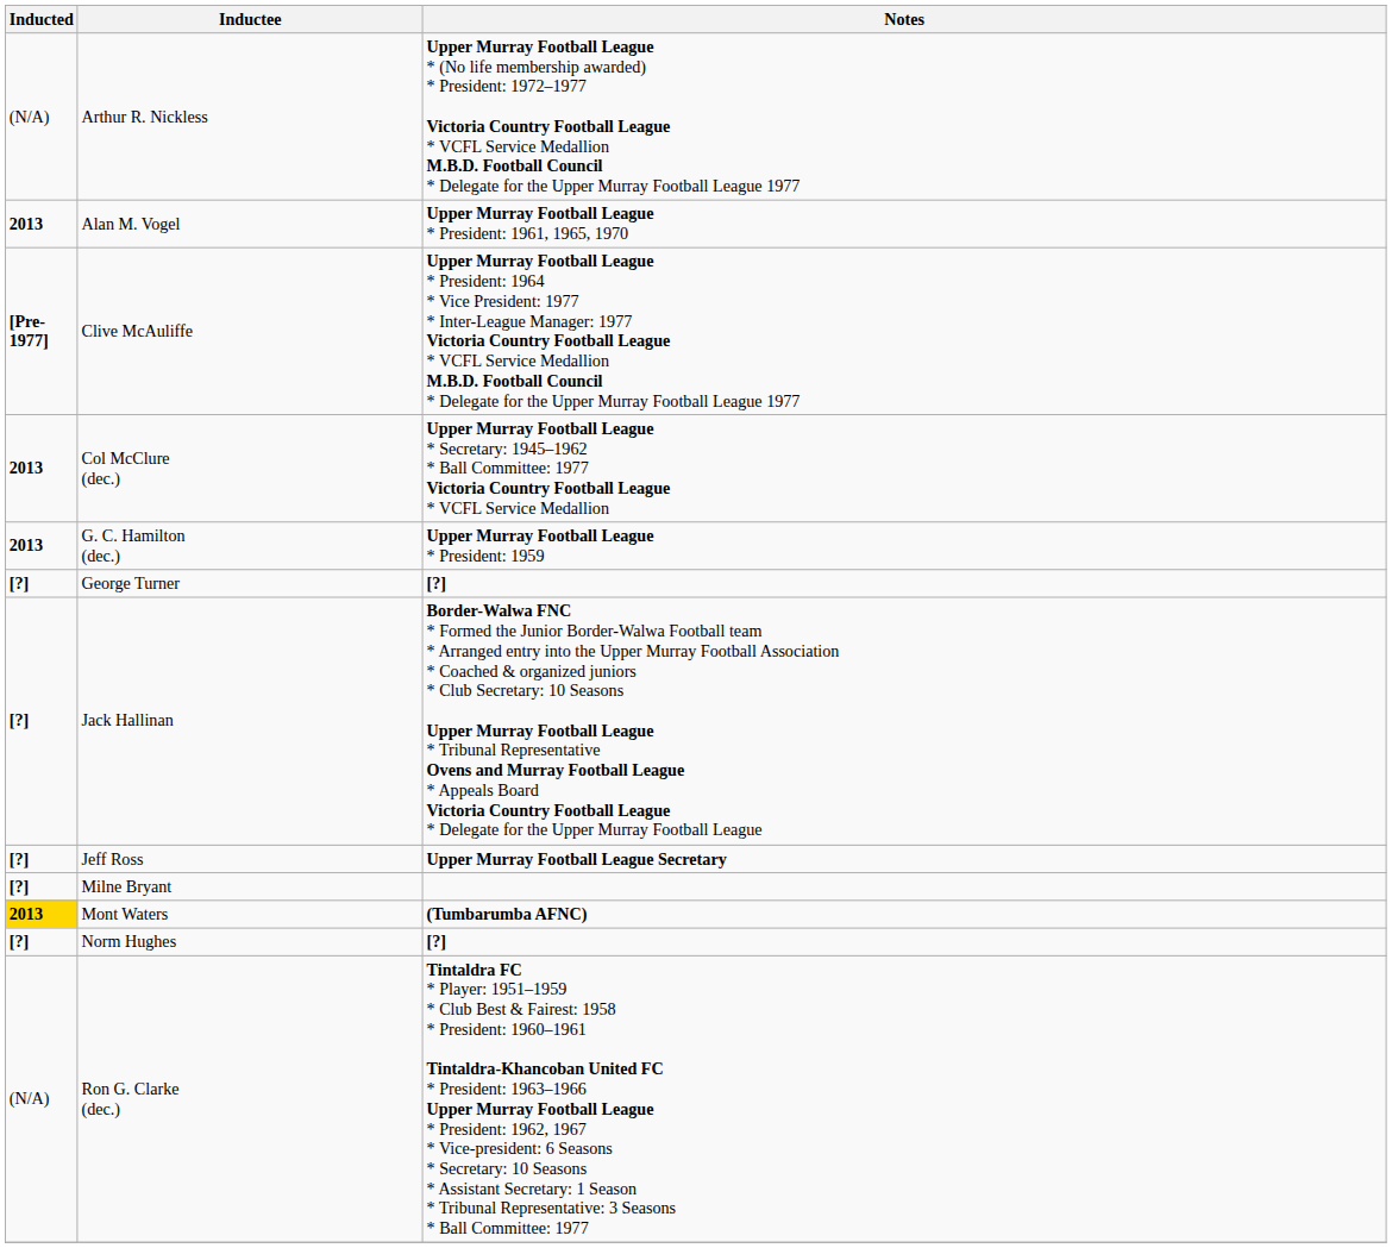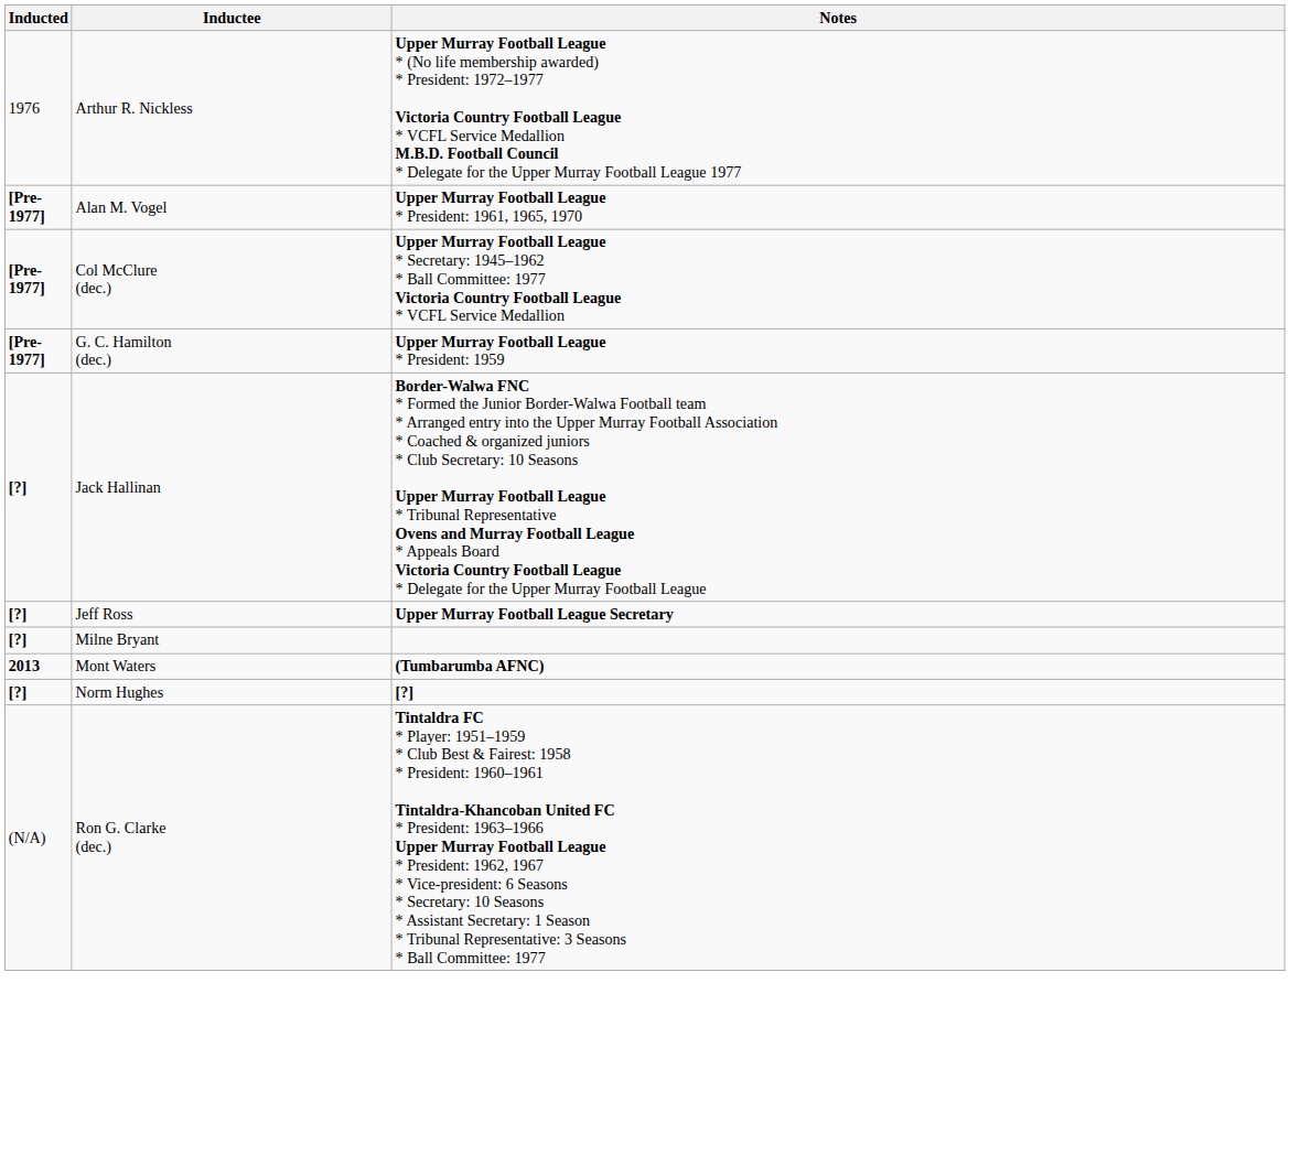 <table class="wikitable sortable" style="font-size: 95%">
 <tr>
 <th style="width:1%;">Inducted</th>
 <th style="width:25%;">Inductee</th>
 <th class="unsortable">Notes</th>
 </tr>
 <tr>
-<td>(N/A)</td>
+<td>1976</td>
 <td>Arthur R. Nickless</td>
 <td><strong>Upper Murray Football League</strong><br>* (No life membership awarded)<br>* President: 1972–1977<br><br><strong>Victoria Country Football League</strong><br>* VCFL Service Medallion<br> <strong>M.B.D. Football Council</strong><br>* Delegate for the Upper Murray Football League 1977</td>
 </tr>
 <tr>
-<td><strong>2013</strong></td>
+<td><strong>[Pre-1977]</strong></td>
 <td>Alan M. Vogel</td>
 <td><strong>Upper Murray Football League</strong><br>* President: 1961, 1965, 1970<br></td>
 </tr>
 <tr>
 <td><strong>[Pre-1977]</strong></td>
-<td>Clive McAuliffe</td>
-<td><strong>Upper Murray Football League</strong><br>* President: 1964<br>* Vice President: 1977<br>* Inter-League Manager: 1977<br><strong>Victoria Country Football League</strong><br>* VCFL Service Medallion<br> <strong>M.B.D. Football Council</strong><br>* Delegate for the Upper Murray Football League 1977</td>
-</tr>
-<tr>
-<td><strong>2013</strong></td>
 <td>Col McClure<br>(dec.)</td>
 <td><strong>Upper Murray Football League</strong><br>* Secretary: 1945–1962<br>* Ball Committee: 1977<br><strong>Victoria Country Football League</strong><br>* VCFL Service Medallion</td>
 </tr>
 <tr>
-<td><strong>2013</strong></td>
+<td><strong>[Pre-1977]</strong></td>
 <td>G. C. Hamilton<br>(dec.)</td>
 <td><strong>Upper Murray Football League</strong><br>* President: 1959</td>
-</tr>
-<tr>
-<td><strong>[?]</strong></td>
-<td>George Turner</td>
-<td><strong>[?]</strong></td>
 </tr>
 <tr>
 <td><strong>[?]</strong></td>
 <td>Jack Hallinan</td>
 <td><strong>Border-Walwa FNC</strong><br>* Formed the Junior Border-Walwa Football team<br>* Arranged entry into the Upper Murray Football Association<br>* Coached & organized juniors<br>* Club Secretary: 10 Seasons<br><br><strong>Upper Murray Football League</strong><br>* Tribunal Representative<br> <strong>Ovens and Murray Football League</strong><br>* Appeals Board<br> <strong>Victoria Country Football League</strong><br>* Delegate for the Upper Murray Football League</td>
 </tr>
 <tr>
 <td><strong>[?]</strong></td>
 <td>Jeff Ross</td>
 <td><strong>Upper Murray Football League Secretary</strong></td>
 </tr>
 <tr>
 <td><strong>[?]</strong></td>
 <td>Milne Bryant</td>
 </tr>
 <tr>
-<td style="background: gold;"><strong>2013</strong></td>
+<td><strong>2013</strong></td>
 <td>Mont Waters</td>
 <td><strong>(Tumbarumba AFNC)</strong></td>
 </tr>
 <tr>
 <td><strong>[?]</strong></td>
 <td>Norm Hughes</td>
 <td><strong>[?]</strong></td>
 </tr>
 <tr>
 <td>(N/A)</td>
 <td>Ron G. Clarke<br>(dec.)</td>
 <td><strong>Tintaldra FC</strong><br>* Player: 1951–1959<br>* Club Best & Fairest: 1958<br>* President: 1960–1961<br><br><strong>Tintaldra-Khancoban United FC</strong><br>* President: 1963–1966<br> <strong>Upper Murray Football League</strong><br>* President: 1962, 1967<br>* Vice-president: 6 Seasons<br>* Secretary: 10 Seasons<br>* Assistant Secretary: 1 Season<br>* Tribunal Representative: 3 Seasons<br>* Ball Committee: 1977</td>
 </tr>
 <tr>
 </tr>
 </table>
